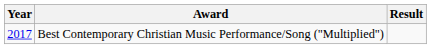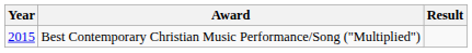 <table class="wikitable">
 <tr>
 <th>Year</th>
 <th>Award</th>
 <th>Result</th>
 </tr>
 <tr>
-<td><a href='#'>2017</a></td>
+<td><a href='#'>2015</a></td>
 <td>Best Contemporary Christian Music Performance/Song ("Multiplied")</td>
 <td></td>
 </tr>
 </table>
